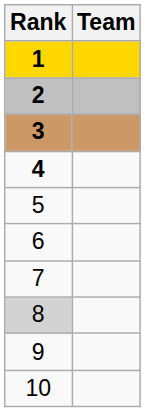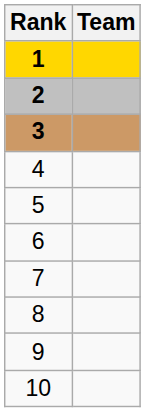 <table class="wikitable" style="text-align:center">
 <tr>
 <th>Rank</th>
 <th>Team</th>
 </tr>
 <tr bgcolor="gold">
 <td><strong>1</strong></td>
 <td align="left"></td>
 </tr>
 <tr bgcolor="silver">
 <td><strong>2</strong></td>
 <td align="left"></td>
 </tr>
 <tr bgcolor="#CC9966">
 <td><strong>3</strong></td>
 <td align="left"></td>
 </tr>
 <tr>
-<td><strong>4</strong></td>
+<td>4</td>
 <td align="left"></td>
 </tr>
 <tr>
 <td>5</td>
 <td align="left"></td>
 </tr>
 <tr>
 <td>6</td>
 <td align="left"></td>
 </tr>
 <tr>
 <td>7</td>
 <td align="left"></td>
 </tr>
 <tr>
-<td style="background: lightgrey;">8</td>
+<td>8</td>
 <td align="left"></td>
 </tr>
 <tr>
 <td>9</td>
 <td align="left"></td>
 </tr>
 <tr>
 <td>10</td>
 <td align="left"></td>
 </tr>
 </table>
